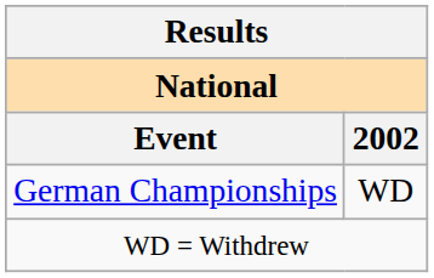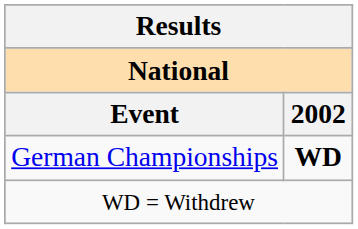 <table class="wikitable" style="text-align:center">
 <tr>
 <th colspan=2 align=center><strong>Results</strong></th>
 </tr>
 <tr>
 <th style="background-color: #ffdead; " colspan=2 align=center><strong>National</strong></th>
 </tr>
 <tr>
 <th>Event</th>
 <th>2002</th>
 </tr>
 <tr>
 <td align=left><a href='#'>German Championships</a></td>
-<td>WD</td>
+<td><strong>WD</strong></td>
 </tr>
 <tr>
 <td colspan=2 align=center><small> WD = Withdrew </small></td>
 </tr>
 </table>
